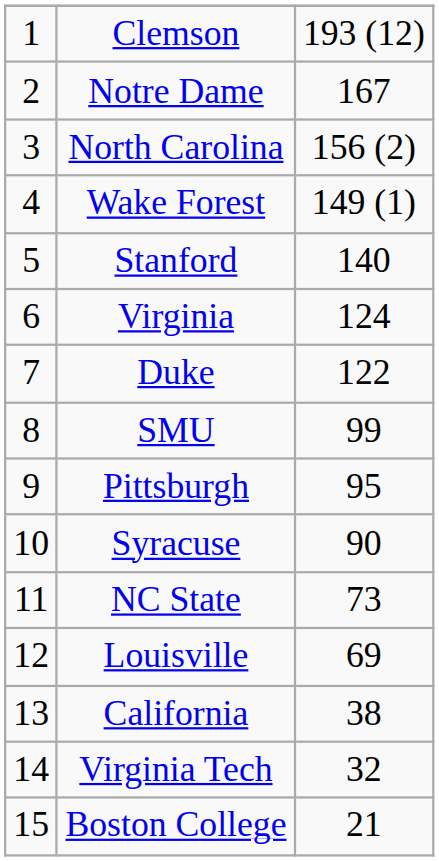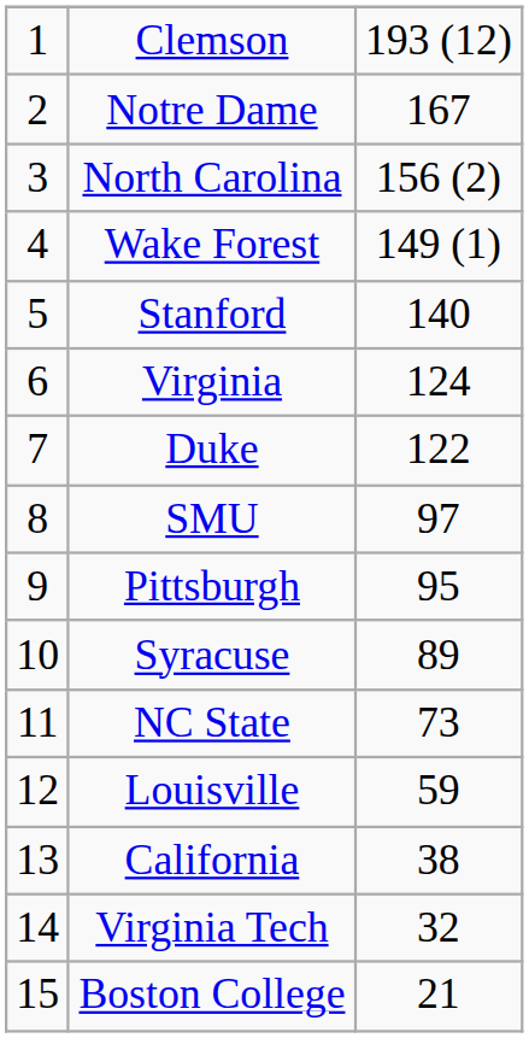 <table class="wikitable" style="display: inline-table;">
 <tr align="center">
 </tr>
 <tr align="center">
 <td>1</td>
 <td><a href='#'>Clemson</a></td>
 <td>193 (12)</td>
 </tr>
 <tr align="center">
 <td>2</td>
 <td><a href='#'>Notre Dame</a></td>
 <td>167</td>
 </tr>
 <tr align="center">
 <td>3</td>
 <td><a href='#'>North Carolina</a></td>
 <td>156 (2)</td>
 </tr>
 <tr align="center">
 <td>4</td>
 <td><a href='#'>Wake Forest</a></td>
 <td>149 (1)</td>
 </tr>
 <tr align="center">
 <td>5</td>
 <td><a href='#'>Stanford</a></td>
 <td>140</td>
 </tr>
 <tr align="center">
 <td>6</td>
 <td><a href='#'>Virginia</a></td>
 <td>124</td>
 </tr>
 <tr align="center">
 <td>7</td>
 <td><a href='#'>Duke</a></td>
 <td>122</td>
 </tr>
 <tr align="center">
 <td>8</td>
 <td><a href='#'>SMU</a></td>
-<td>99</td>
+<td>97</td>
 </tr>
 <tr align="center">
 <td>9</td>
 <td><a href='#'>Pittsburgh</a></td>
 <td>95</td>
 </tr>
 <tr align="center">
 <td>10</td>
 <td><a href='#'>Syracuse</a></td>
-<td>90</td>
+<td>89</td>
 </tr>
 <tr align="center">
 <td>11</td>
 <td><a href='#'>NC State</a></td>
 <td>73</td>
 </tr>
 <tr align="center">
 <td>12</td>
 <td><a href='#'>Louisville</a></td>
-<td>69</td>
+<td>59</td>
 </tr>
 <tr align="center">
 <td>13</td>
 <td><a href='#'>California</a></td>
 <td>38</td>
 </tr>
 <tr align="center">
 <td>14</td>
 <td><a href='#'>Virginia Tech</a></td>
 <td>32</td>
 </tr>
 <tr align="center">
 <td>15</td>
 <td><a href='#'>Boston College</a></td>
 <td>21</td>
 </tr>
 </table>
